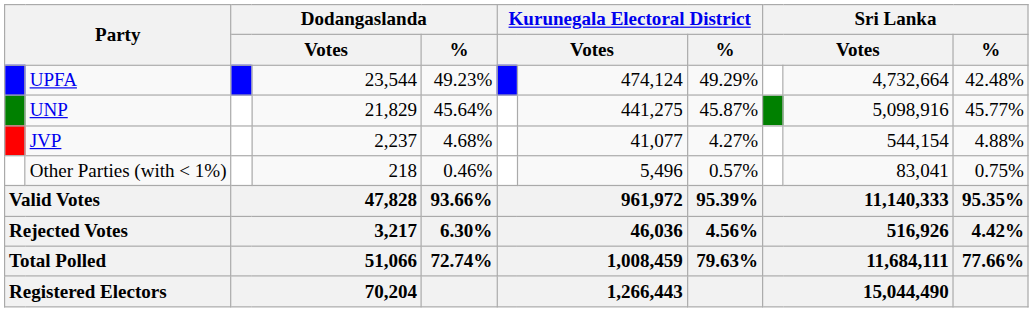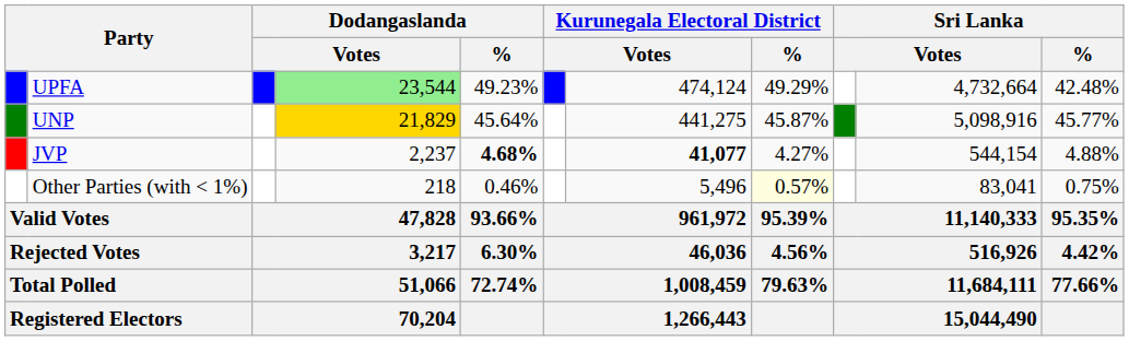 <table class="wikitable">
 <tr>
 <th colspan="2" width="144px"rowspan="2">Party</th>
 <th colspan="3" width="216px">Dodangaslanda</th>
 <th colspan="3" width="216px"><a href='#'>Kurunegala Electoral District</a></th>
 <th colspan="3" width="216px">Sri Lanka</th>
 </tr>
 <tr>
 <th colspan="2" width="144px">Votes</th>
 <th>%</th>
 <th colspan="2" width="144px">Votes</th>
 <th>%</th>
 <th colspan="2" width="144px">Votes</th>
 <th>%</th>
 </tr>
 <tr>
 <td style="background-color:blue;" width="10px"></td>
 <td style="text-align:left;"><a href='#'>UPFA</a></td>
 <td style="background-color:blue;" width="10px"></td>
-<td style="text-align:right;">23,544</td>
+<td style="background: lightgreen; text-align:right;">23,544</td>
 <td style="text-align:right;">49.23%</td>
 <td style="background-color:blue;" width="10px"></td>
 <td style="text-align:right;">474,124</td>
 <td style="text-align:right;">49.29%</td>
 <td style="background-color:white;" width="10px"></td>
 <td style="text-align:right;">4,732,664</td>
 <td style="text-align:right;">42.48%</td>
 </tr>
 <tr>
 <td style="background-color:green;" width="10px"></td>
 <td style="text-align:left;"><a href='#'>UNP</a></td>
 <td style="background-color:white;" width="10px"></td>
-<td style="text-align:right;">21,829</td>
+<td style="background: gold; text-align:right;">21,829</td>
 <td style="text-align:right;">45.64%</td>
 <td style="background-color:white;" width="10px"></td>
 <td style="text-align:right;">441,275</td>
 <td style="text-align:right;">45.87%</td>
 <td style="background-color:green;" width="10px"></td>
 <td style="text-align:right;">5,098,916</td>
 <td style="text-align:right;">45.77%</td>
 </tr>
 <tr>
 <td style="background-color:red;" width="10px"></td>
 <td style="text-align:left;"><a href='#'>JVP</a></td>
 <td style="background-color:white;" width="10px"></td>
 <td style="text-align:right;">2,237</td>
-<td style="text-align:right;">4.68%</td>
+<td style="text-align:right;"><strong>4.68%</strong></td>
 <td style="background-color:white;" width="10px"></td>
-<td style="text-align:right;">41,077</td>
+<td style="text-align:right;"><strong>41,077</strong></td>
 <td style="text-align:right;">4.27%</td>
 <td style="background-color:white;" width="10px"></td>
 <td style="text-align:right;">544,154</td>
 <td style="text-align:right;">4.88%</td>
 </tr>
 <tr>
 <td style="background-color:white;" width="10px"></td>
 <td style="text-align:left;">Other Parties (with < 1%)</td>
 <td style="background-color:white;" width="10px"></td>
 <td style="text-align:right;">218</td>
 <td style="text-align:right;">0.46%</td>
 <td style="background-color:white;" width="10px"></td>
 <td style="text-align:right;">5,496</td>
-<td style="text-align:right;">0.57%</td>
+<td style="background: lightyellow; text-align:right;">0.57%</td>
 <td style="background-color:white;" width="10px"></td>
 <td style="text-align:right;">83,041</td>
 <td style="text-align:right;">0.75%</td>
 </tr>
 <tr>
 <th colspan="2" width="144px"style="text-align:left;">Valid Votes</th>
 <th style="text-align:right;"colspan="2" width="144px">47,828</th>
 <th style="text-align:right;">93.66%</th>
 <th style="text-align:right;"colspan="2" width="144px">961,972</th>
 <th style="text-align:right;">95.39%</th>
 <th style="text-align:right;"colspan="2" width="144px">11,140,333</th>
 <th style="text-align:right;">95.35%</th>
 </tr>
 <tr>
 <th colspan="2" width="144px"style="text-align:left;">Rejected Votes</th>
 <th style="text-align:right;"colspan="2" width="144px">3,217</th>
 <th style="text-align:right;">6.30%</th>
 <th style="text-align:right;"colspan="2" width="144px">46,036</th>
 <th style="text-align:right;">4.56%</th>
 <th style="text-align:right;"colspan="2" width="144px">516,926</th>
 <th style="text-align:right;">4.42%</th>
 </tr>
 <tr>
 <th colspan="2" width="144px"style="text-align:left;">Total Polled</th>
 <th style="text-align:right;"colspan="2" width="144px">51,066</th>
 <th style="text-align:right;">72.74%</th>
 <th style="text-align:right;"colspan="2" width="144px">1,008,459</th>
 <th style="text-align:right;">79.63%</th>
 <th style="text-align:right;"colspan="2" width="144px">11,684,111</th>
 <th style="text-align:right;">77.66%</th>
 </tr>
 <tr>
 <th colspan="2" width="144px"style="text-align:left;">Registered Electors</th>
 <th style="text-align:right;"colspan="2" width="144px">70,204</th>
 <th></th>
 <th style="text-align:right;"colspan="2" width="144px">1,266,443</th>
 <th></th>
 <th style="text-align:right;"colspan="2" width="144px">15,044,490</th>
 <th></th>
 </tr>
 </table>
